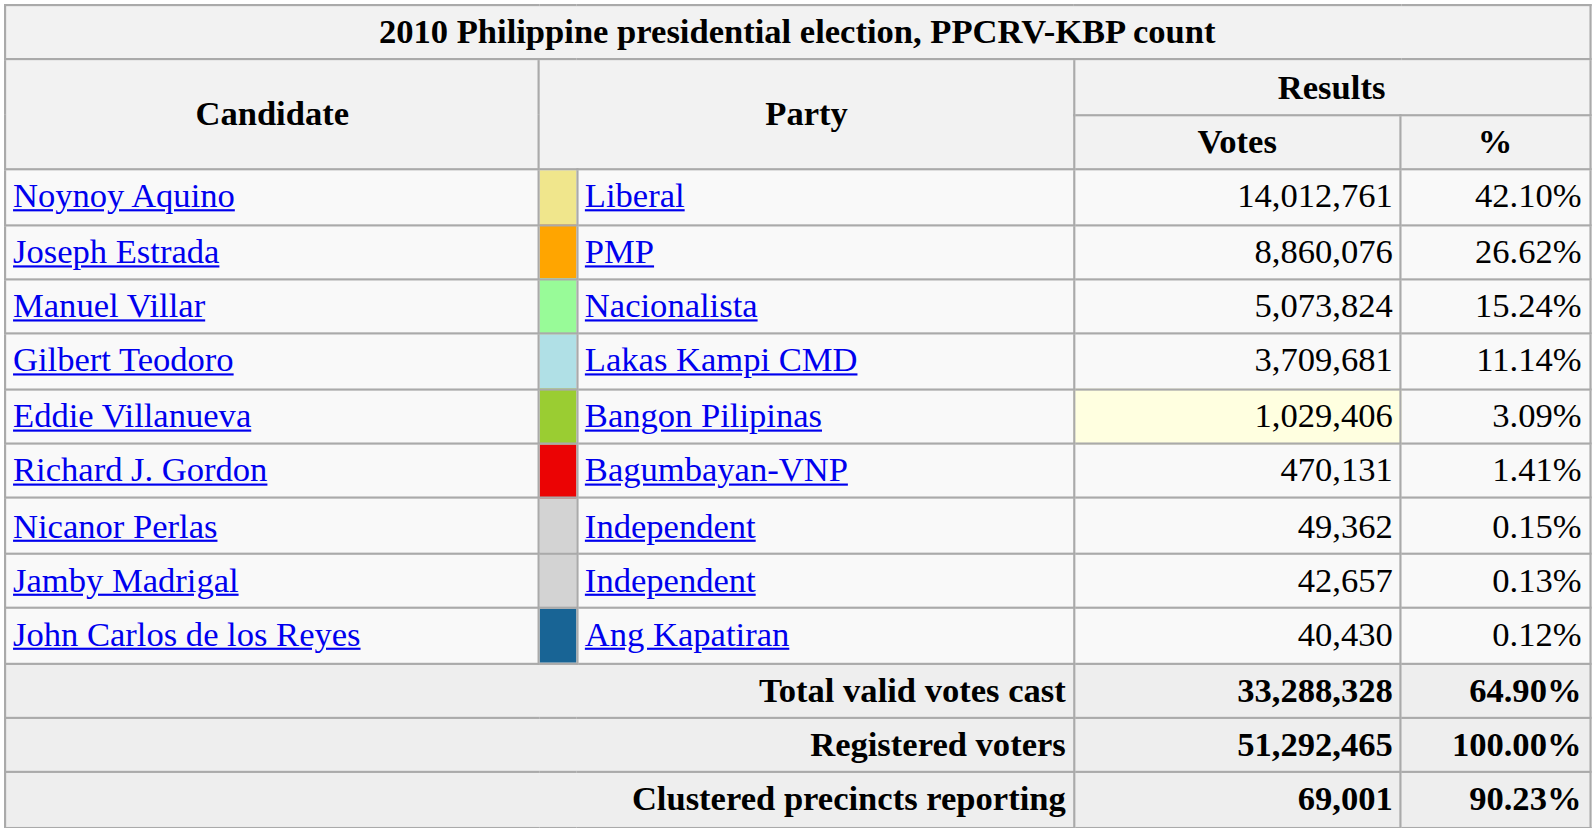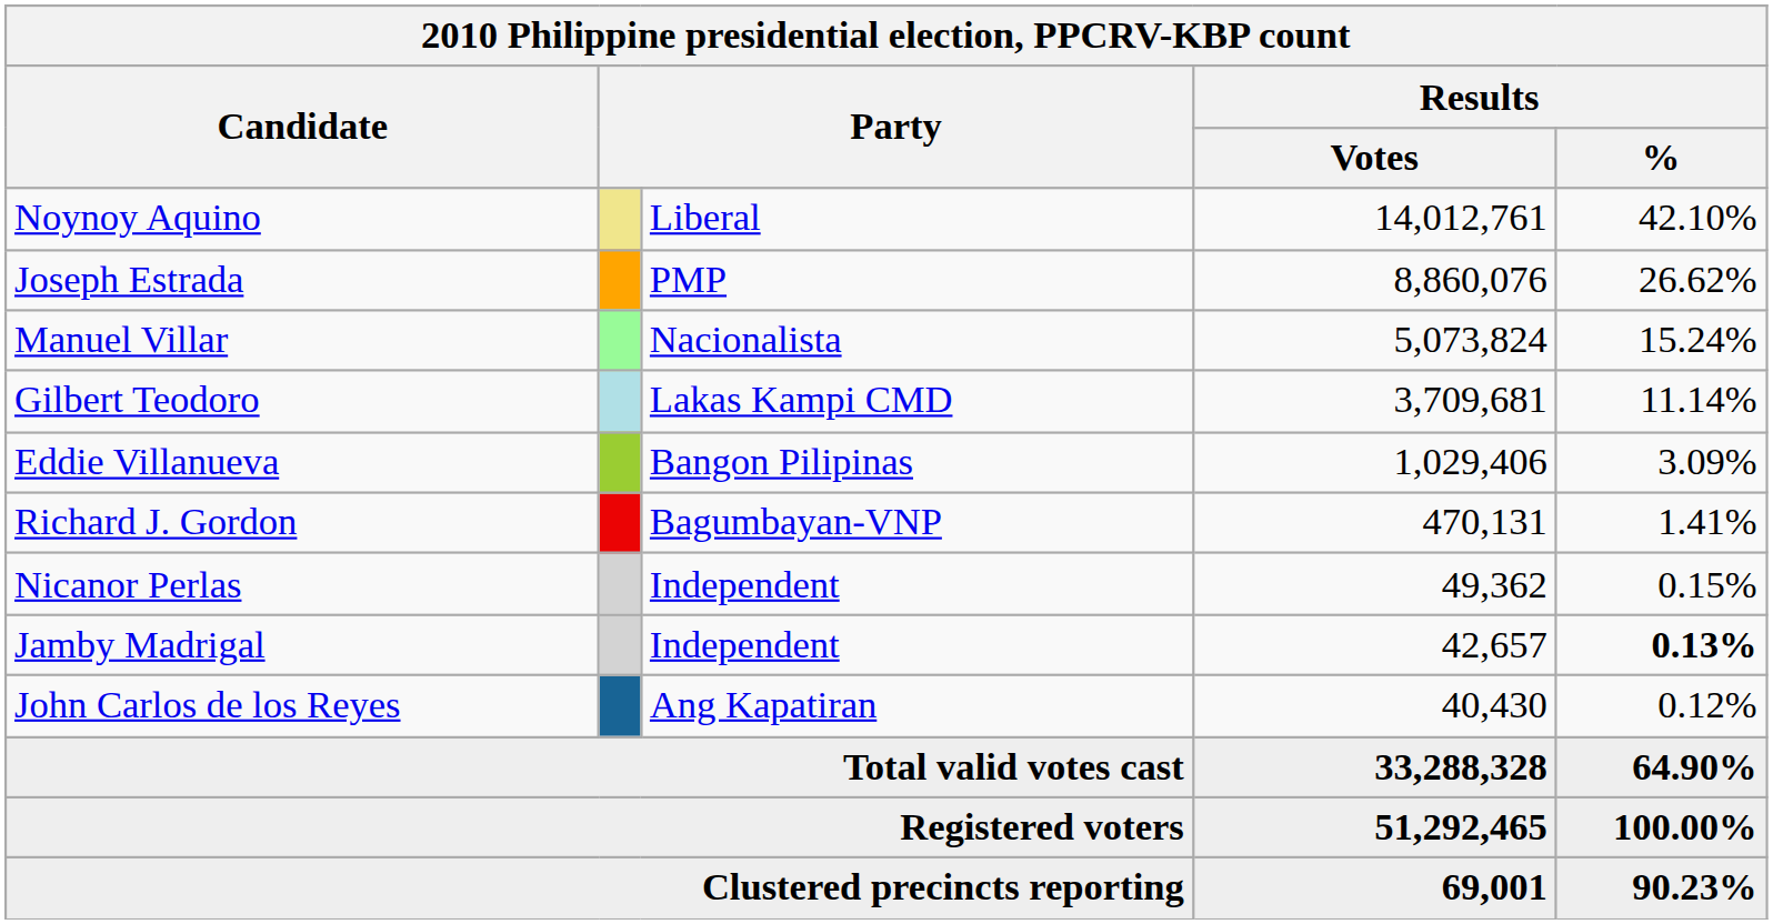 <table class="wikitable">
 <tr>
 <th colspan="5">2010 Philippine presidential election, PPCRV-KBP count</th>
 </tr>
 <tr style="text-align:center;">
 <th rowspan="2" style="width: 15em">Candidate</th>
 <th rowspan="2" colspan="2" style="width: 15em">Party</th>
 <th style="width: 14em" colspan="2">Results</th>
 </tr>
 <tr style="text-align:center;">
 <th style="width: 9em">Votes</th>
 <th style="width: 5em">%</th>
 </tr>
 <tr>
 <td><a href='#'>Noynoy Aquino</a></td>
 <th style="background:khaki; width:3px;"></th>
 <td style="width: 130px"><a href='#'>Liberal</a></td>
 <td style="text-align:right;">14,012,761</td>
 <td style="text-align:right;">42.10%</td>
 </tr>
 <tr>
 <td><a href='#'>Joseph Estrada</a></td>
 <th style="background:orange; width:3px;"></th>
 <td style="width: 130px"><a href='#'>PMP</a></td>
 <td style="text-align:right;">8,860,076</td>
 <td style="text-align:right;">26.62%</td>
 </tr>
 <tr>
 <td><a href='#'>Manuel Villar</a></td>
 <th style="background:#98fb98; width:3px;"></th>
 <td style="width: 130px"><a href='#'>Nacionalista</a></td>
 <td style="text-align:right;">5,073,824</td>
 <td style="text-align:right;">15.24%</td>
 </tr>
 <tr>
 <td><a href='#'>Gilbert Teodoro</a></td>
 <th style="background:#b0e0e6; width:3px;"></th>
 <td style="width: 130px"><a href='#'>Lakas Kampi CMD</a></td>
 <td style="text-align:right;">3,709,681</td>
 <td style="text-align:right;">11.14%</td>
 </tr>
 <tr>
 <td><a href='#'>Eddie Villanueva</a></td>
 <th style="background:#9acd32; width:3px;"></th>
 <td style="width: 130px"><a href='#'>Bangon Pilipinas</a></td>
-<td style="background: lightyellow; text-align:right;">1,029,406</td>
+<td style="text-align:right;">1,029,406</td>
 <td style="text-align:right;">3.09%</td>
 </tr>
 <tr>
 <td><a href='#'>Richard J. Gordon</a></td>
 <th style="background:#eb0304; width:3px;"></th>
 <td style="width: 130px"><a href='#'>Bagumbayan-VNP</a></td>
 <td style="text-align:right;">470,131</td>
 <td style="text-align:right;">1.41%</td>
 </tr>
 <tr>
 <td><a href='#'>Nicanor Perlas</a></td>
 <th style="background:#d3d3d3; width:3px;"></th>
 <td style="width: 130px"><a href='#'>Independent</a></td>
 <td style="text-align:right;">49,362</td>
 <td style="text-align:right;">0.15%</td>
 </tr>
 <tr>
 <td><a href='#'>Jamby Madrigal</a></td>
 <th style="background:#d3d3d3; width:3px;"></th>
 <td style="width: 130px"><a href='#'>Independent</a></td>
 <td style="text-align:right;">42,657</td>
-<td style="text-align:right;">0.13%</td>
+<td style="text-align:right;"><strong>0.13%</strong></td>
 </tr>
 <tr>
 <td><a href='#'>John Carlos de los Reyes</a></td>
 <th style="background:#186495; width:3px;"></th>
 <td style="width: 130px"><a href='#'>Ang Kapatiran</a></td>
 <td style="text-align:right;">40,430</td>
 <td style="text-align:right;">0.12%</td>
 </tr>
 <tr style="background:#eee; text-align:right;">
 <td colspan="3"><strong>Total valid votes cast</strong></td>
 <td><strong>33,288,328</strong></td>
 <td><strong>64.90%</strong></td>
 </tr>
 <tr style="background:#eee; text-align:right;">
 <td colspan="3"><strong>Registered voters</strong></td>
 <td><strong>51,292,465</strong></td>
 <td><strong>100.00%</strong></td>
 </tr>
 <tr style="background:#eee; text-align:right;">
 <td colspan="3"><strong>Clustered precincts reporting</strong></td>
 <td><strong>69,001</strong></td>
 <td><strong>90.23%</strong></td>
 </tr>
 </table>
